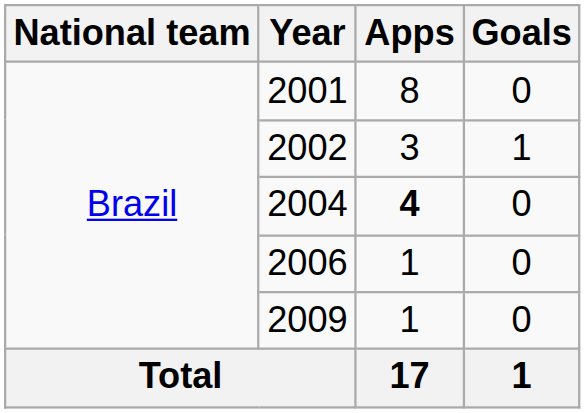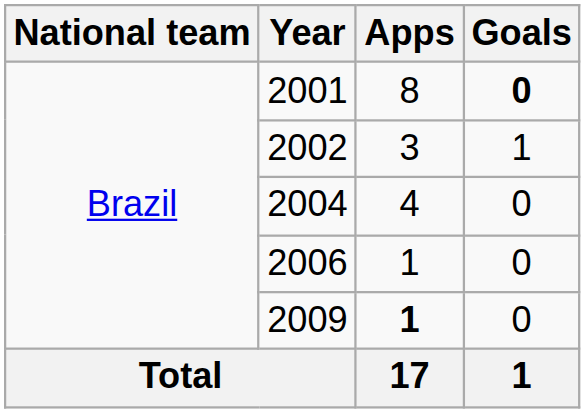 <table class="wikitable" style="text-align:center">
 <tr>
 <th>National team</th>
 <th>Year</th>
 <th>Apps</th>
 <th>Goals</th>
 </tr>
 <tr>
 <td rowspan="5"><a href='#'>Brazil</a></td>
 <td>2001</td>
 <td>8</td>
-<td>0</td>
+<td><strong>0</strong></td>
 </tr>
 <tr>
 <td>2002</td>
 <td>3</td>
 <td>1</td>
 </tr>
 <tr>
 <td>2004</td>
-<td><strong>4</strong></td>
+<td>4</td>
 <td>0</td>
 </tr>
 <tr>
 <td>2006</td>
 <td>1</td>
 <td>0</td>
 </tr>
 <tr>
 <td>2009</td>
-<td>1</td>
+<td><strong>1</strong></td>
 <td>0</td>
 </tr>
 <tr>
 <th colspan="2">Total</th>
 <th>17</th>
 <th>1</th>
 </tr>
 </table>
